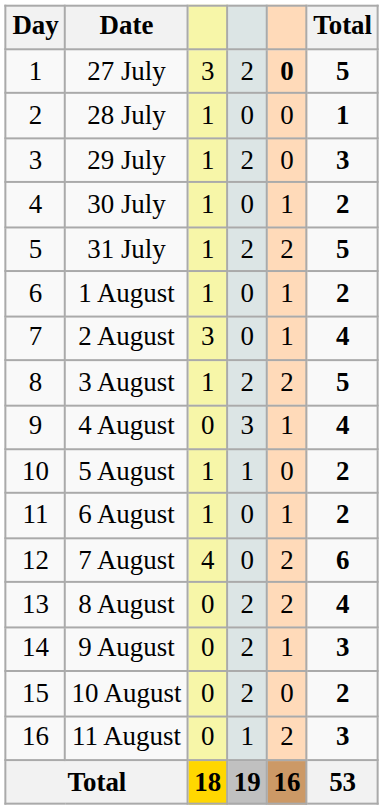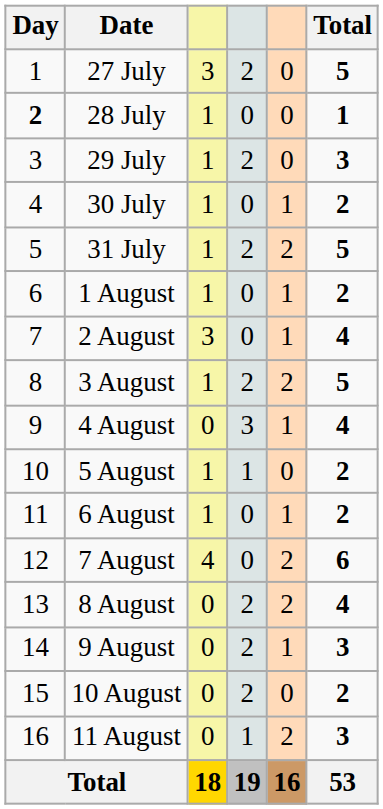 <table class=wikitable style=font-size:85%;float:right;text-align:center>
 <tr>
 <th>Day</th>
 <th>Date</th>
 <td bgcolor=F7F6A8></td>
 <td bgcolor=DCE5E5></td>
 <td bgcolor=FFDAB9></td>
 <th>Total</th>
 </tr>
 <tr>
 <td>1</td>
 <td>27 July</td>
 <td bgcolor=F7F6A8>3</td>
 <td bgcolor=DCE5E5>2</td>
-<td bgcolor=FFDAB9><strong>0</strong></td>
+<td bgcolor=FFDAB9>0</td>
 <td><strong>5</strong></td>
 </tr>
 <tr>
-<td>2</td>
+<td><strong>2</strong></td>
 <td>28 July</td>
 <td bgcolor=F7F6A8>1</td>
 <td bgcolor=DCE5E5>0</td>
 <td bgcolor=FFDAB9>0</td>
 <td><strong>1</strong></td>
 </tr>
 <tr>
 <td>3</td>
 <td>29 July</td>
 <td bgcolor=F7F6A8>1</td>
 <td bgcolor=DCE5E5>2</td>
 <td bgcolor=FFDAB9>0</td>
 <td><strong>3</strong></td>
 </tr>
 <tr>
 <td>4</td>
 <td>30 July</td>
 <td bgcolor=F7F6A8>1</td>
 <td bgcolor=DCE5E5>0</td>
 <td bgcolor=FFDAB9>1</td>
 <td><strong>2</strong></td>
 </tr>
 <tr>
 <td>5</td>
 <td>31 July</td>
 <td bgcolor=F7F6A8>1</td>
 <td bgcolor=DCE5E5>2</td>
 <td bgcolor=FFDAB9>2</td>
 <td><strong>5</strong></td>
 </tr>
 <tr>
 <td>6</td>
 <td>1 August</td>
 <td bgcolor=F7F6A8>1</td>
 <td bgcolor=DCE5E5>0</td>
 <td bgcolor=FFDAB9>1</td>
 <td><strong>2</strong></td>
 </tr>
 <tr>
 <td>7</td>
 <td>2 August</td>
 <td bgcolor=F7F6A8>3</td>
 <td bgcolor=DCE5E5>0</td>
 <td bgcolor=FFDAB9>1</td>
 <td><strong>4</strong></td>
 </tr>
 <tr>
 <td>8</td>
 <td>3 August</td>
 <td bgcolor=F7F6A8>1</td>
 <td bgcolor=DCE5E5>2</td>
 <td bgcolor=FFDAB9>2</td>
 <td><strong>5</strong></td>
 </tr>
 <tr>
 <td>9</td>
 <td>4 August</td>
 <td bgcolor=F7F6A8>0</td>
 <td bgcolor=DCE5E5>3</td>
 <td bgcolor=FFDAB9>1</td>
 <td><strong>4</strong></td>
 </tr>
 <tr>
 <td>10</td>
 <td>5 August</td>
 <td bgcolor=F7F6A8>1</td>
 <td bgcolor=DCE5E5>1</td>
 <td bgcolor=FFDAB9>0</td>
 <td><strong>2</strong></td>
 </tr>
 <tr>
 <td>11</td>
 <td>6 August</td>
 <td bgcolor=F7F6A8>1</td>
 <td bgcolor=DCE5E5>0</td>
 <td bgcolor=FFDAB9>1</td>
 <td><strong>2</strong></td>
 </tr>
 <tr>
 <td>12</td>
 <td>7 August</td>
 <td bgcolor=F7F6A8>4</td>
 <td bgcolor=DCE5E5>0</td>
 <td bgcolor=FFDAB9>2</td>
 <td><strong>6</strong></td>
 </tr>
 <tr>
 <td>13</td>
 <td>8 August</td>
 <td bgcolor=F7F6A8>0</td>
 <td bgcolor=DCE5E5>2</td>
 <td bgcolor=FFDAB9>2</td>
 <td><strong>4</strong></td>
 </tr>
 <tr>
 <td>14</td>
 <td>9 August</td>
 <td bgcolor=F7F6A8>0</td>
 <td bgcolor=DCE5E5>2</td>
 <td bgcolor=FFDAB9>1</td>
 <td><strong>3</strong></td>
 </tr>
 <tr>
 <td>15</td>
 <td>10 August</td>
 <td bgcolor=F7F6A8>0</td>
 <td bgcolor=DCE5E5>2</td>
 <td bgcolor=FFDAB9>0</td>
 <td><strong>2</strong></td>
 </tr>
 <tr>
 <td>16</td>
 <td>11 August</td>
 <td bgcolor=F7F6A8>0</td>
 <td bgcolor=DCE5E5>1</td>
 <td bgcolor=FFDAB9>2</td>
 <td><strong>3</strong></td>
 </tr>
 <tr>
 <th colspan=2>Total</th>
 <th style="background:gold;">18</th>
 <th style="background:silver;">19</th>
 <th style="background:#c96;">16</th>
 <th>53</th>
 </tr>
 </table>
